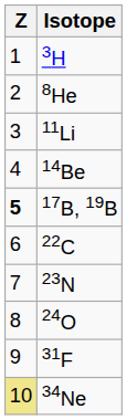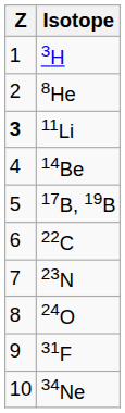 <table class=wikitable>
 <tr>
 <th>Z</th>
 <th>Isotope</th>
 </tr>
 <tr>
 <td>1</td>
 <td><a href='#'><sup>3</sup>H</a></td>
 </tr>
 <tr>
 <td>2</td>
 <td><sup>8</sup>He</td>
 </tr>
 <tr>
-<td>3</td>
+<td><strong>3</strong></td>
 <td><sup>11</sup>Li</td>
 </tr>
 <tr>
 <td>4</td>
 <td><sup>14</sup>Be</td>
 </tr>
 <tr>
-<td><strong>5</strong></td>
+<td>5</td>
 <td><sup>17</sup>B, <sup>19</sup>B</td>
 </tr>
 <tr>
 <td>6</td>
 <td><sup>22</sup>C</td>
 </tr>
 <tr>
 <td>7</td>
 <td><sup>23</sup>N</td>
 </tr>
 <tr>
 <td>8</td>
 <td><sup>24</sup>O</td>
 </tr>
 <tr>
 <td>9</td>
 <td><sup>31</sup>F</td>
 </tr>
 <tr>
-<td style="background: khaki;">10</td>
+<td>10</td>
 <td><sup>34</sup>Ne</td>
 </tr>
 </table>
